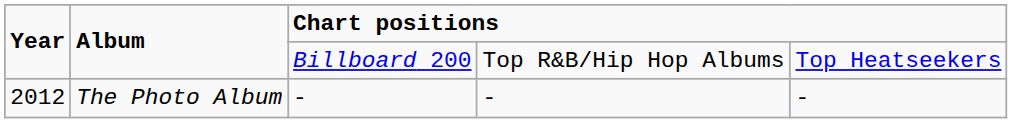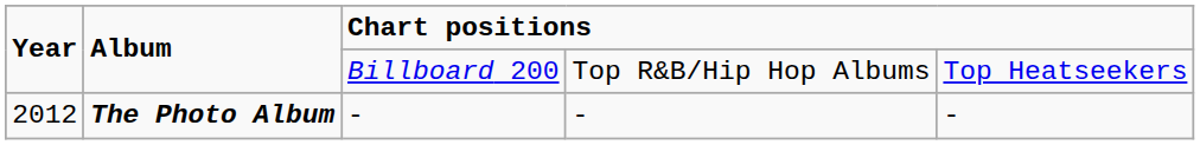 <table class="wikitable">
 <tr>
 <td rowspan="2"><strong>Year</strong></td>
 <td rowspan="2"><strong>Album</strong></td>
 <td colspan="3"><strong>Chart positions</strong></td>
 </tr>
 <tr>
 <td><a href='#'><em>Billboard</em> 200</a></td>
 <td>Top R&B/Hip Hop Albums</td>
 <td><a href='#'>Top Heatseekers</a></td>
 </tr>
 <tr>
 <td>2012</td>
-<td><em>The Photo Album</em></td>
+<td><strong><em>The Photo Album</em></strong></td>
 <td>-</td>
 <td>-</td>
 <td>-</td>
 </tr>
 </table>
